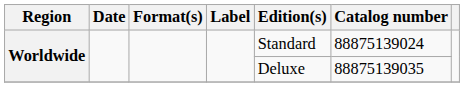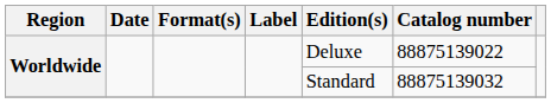 <table class="wikitable plainrowheaders">
 <tr>
 <th scope="col">Region</th>
 <th scope="col">Date</th>
 <th scope="col">Format(s)</th>
 <th scope="col">Label</th>
 <th scope="col">Edition(s)</th>
 <th scope="col">Catalog number</th>
 <th scope="col"></th>
 </tr>
 <tr>
 <th scope="row" rowspan="2">Worldwide</th>
 <td rowspan="2"></td>
 <td rowspan="2"></td>
 <td rowspan="2"></td>
-<td>Standard</td>
-<td>88875139024</td>
+<td>Deluxe</td>
+<td>88875139022</td>
 <td style="text-align:center;" rowspan="2"></td>
 </tr>
 <tr>
-<td>Deluxe</td>
-<td>88875139035</td>
+<td>Standard</td>
+<td>88875139032</td>
 </tr>
 <tr>
 </tr>
 </table>
